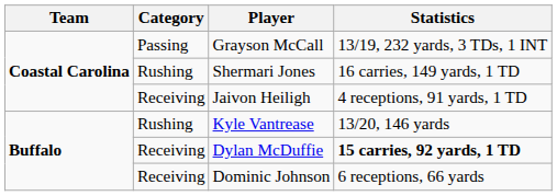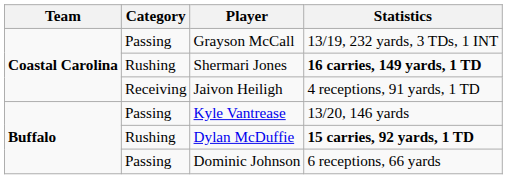 <table class="wikitable" style="float: left;">
 <tr>
 <th>Team</th>
 <th>Category</th>
 <th>Player</th>
 <th>Statistics</th>
 </tr>
 <tr>
 <td rowspan=3><strong>Coastal Carolina</strong></td>
 <td>Passing</td>
 <td>Grayson McCall</td>
 <td>13/19, 232 yards, 3 TDs, 1 INT</td>
 </tr>
 <tr>
 <td>Rushing</td>
 <td>Shermari Jones</td>
-<td>16 carries, 149 yards, 1 TD</td>
+<td><strong>16 carries, 149 yards, 1 TD</strong></td>
 </tr>
 <tr>
 <td>Receiving</td>
 <td>Jaivon Heiligh</td>
 <td>4 receptions, 91 yards, 1 TD</td>
 </tr>
 <tr>
 <td rowspan=3><strong>Buffalo</strong></td>
-<td>Rushing</td>
+<td>Passing</td>
 <td><a href='#'>Kyle Vantrease</a></td>
 <td>13/20, 146 yards</td>
 </tr>
 <tr>
-<td>Receiving</td>
+<td>Rushing</td>
 <td><a href='#'>Dylan McDuffie</a></td>
 <td><strong>15 carries, 92 yards, 1 TD</strong></td>
 </tr>
 <tr>
-<td>Receiving</td>
+<td>Passing</td>
 <td>Dominic Johnson</td>
 <td>6 receptions, 66 yards</td>
 </tr>
 </table>
